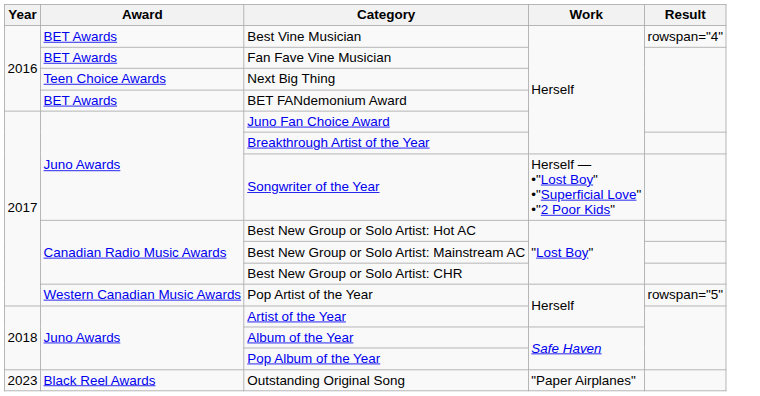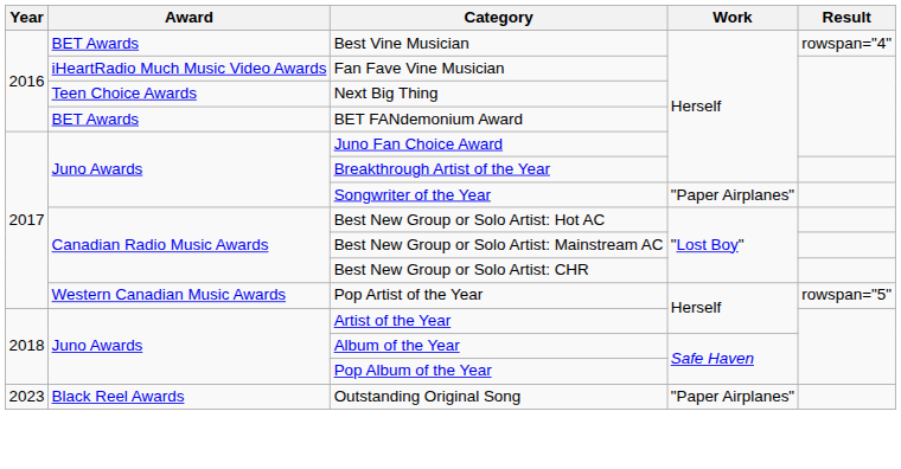 <table class="wikitable">
 <tr>
 <th scope="col">Year</th>
 <th scope="col">Award</th>
 <th scope="col">Category</th>
 <th scope="col">Work</th>
 <th scope="col">Result</th>
 </tr>
 <tr>
 <td rowspan="4">2016</td>
 <td><a href='#'>BET Awards</a></td>
 <td>Best Vine Musician</td>
 <td rowspan="6">Herself</td>
 <td>rowspan="4" </td>
 </tr>
 <tr>
-<td><a href='#'>BET Awards</a></td>
+<td><a href='#'>iHeartRadio Much Music Video Awards</a></td>
 <td>Fan Fave Vine Musician</td>
 </tr>
 <tr>
 <td><a href='#'>Teen Choice Awards</a></td>
 <td>Next Big Thing</td>
 </tr>
 <tr>
 <td><a href='#'>BET Awards</a></td>
 <td>BET FANdemonium Award</td>
 </tr>
 <tr>
 <td rowspan="7">2017</td>
 <td rowspan="3"><a href='#'>Juno Awards</a></td>
 <td><a href='#'>Juno Fan Choice Award</a></td>
 </tr>
 <tr>
 <td><a href='#'>Breakthrough Artist of the Year</a></td>
 <td></td>
 </tr>
 <tr>
 <td><a href='#'>Songwriter of the Year</a></td>
-<td>Herself —<br>•"<a href='#'>Lost Boy</a>"<br>•"<a href='#'>Superficial Love</a>"<br>•"<a href='#'>2 Poor Kids</a>"</td>
+<td>"Paper Airplanes"</td>
 <td></td>
 </tr>
 <tr>
 <td rowspan=3><a href='#'>Canadian Radio Music Awards</a></td>
 <td>Best New Group or Solo Artist: Hot AC</td>
 <td rowspan=3>"<a href='#'>Lost Boy</a>"</td>
 <td></td>
 </tr>
 <tr>
 <td>Best New Group or Solo Artist: Mainstream AC</td>
 <td></td>
 </tr>
 <tr>
 <td>Best New Group or Solo Artist: CHR</td>
 <td></td>
 </tr>
 <tr>
 <td><a href='#'>Western Canadian Music Awards</a></td>
 <td>Pop Artist of the Year</td>
 <td rowspan="2">Herself</td>
 <td>rowspan="5" </td>
 </tr>
 <tr>
 <td rowspan="3">2018</td>
 <td rowspan="3"><a href='#'>Juno Awards</a></td>
 <td><a href='#'>Artist of the Year</a></td>
 </tr>
 <tr>
 <td><a href='#'>Album of the Year</a></td>
 <td rowspan="2"><em><a href='#'>Safe Haven</a></em></td>
 </tr>
 <tr>
 <td><a href='#'>Pop Album of the Year</a></td>
 </tr>
 <tr>
 <td rowspan="3">2023</td>
 <td rowspan="3"><a href='#'>Black Reel Awards</a></td>
 <td>Outstanding Original Song</td>
 <td>"Paper Airplanes"</td>
 <td></td>
 </tr>
 </table>
